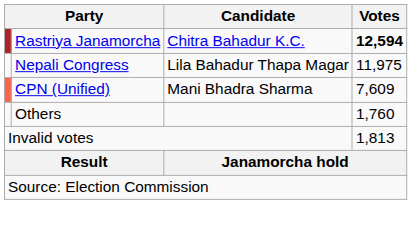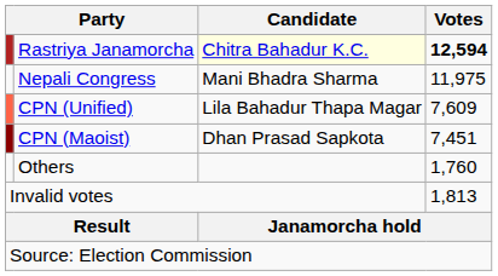 <table class="wikitable">
 <tr>
 <th colspan="2">Party</th>
 <th>Candidate</th>
 <th>Votes</th>
 </tr>
 <tr>
 <td style="background-color:firebrick"></td>
 <td><a href='#'>Rastriya Janamorcha</a></td>
-<td><a href='#'>Chitra Bahadur K.C.</a></td>
+<td style="background: lightyellow;"><a href='#'>Chitra Bahadur K.C.</a></td>
 <td><strong>12,594</strong></td>
 </tr>
 <tr>
 <td style="background-color:"></td>
 <td><a href='#'>Nepali Congress</a></td>
-<td>Lila Bahadur Thapa Magar</td>
+<td>Mani Bhadra Sharma</td>
 <td>11,975</td>
 </tr>
 <tr>
 <td style="background-color:tomato"></td>
 <td><a href='#'>CPN (Unified)</a></td>
-<td>Mani Bhadra Sharma</td>
+<td>Lila Bahadur Thapa Magar</td>
 <td>7,609</td>
+</tr>
+<tr>
+<td style="background-color:darkred"></td>
+<td><a href='#'>CPN (Maoist)</a></td>
+<td>Dhan Prasad Sapkota</td>
+<td>7,451</td>
 </tr>
 <tr>
 <td></td>
 <td>Others</td>
 <td></td>
 <td>1,760</td>
 </tr>
 <tr>
 <td colspan="3">Invalid votes</td>
 <td>1,813</td>
 </tr>
 <tr>
 <th colspan="2">Result</th>
 <th colspan="2">Janamorcha hold</th>
 </tr>
 <tr>
 <td colspan="4">Source: Election Commission</td>
 </tr>
 </table>
